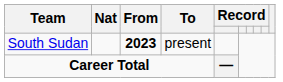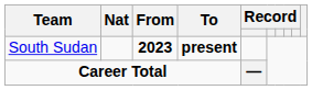 <table class="wikitable" style="text-align: center">
 <tr>
 <th rowspan="2">Team</th>
 <th rowspan="2">Nat</th>
 <th rowspan="2">From</th>
 <th rowspan="2">To</th>
 <th colspan="5">Record</th>
 <th rowspan=2></th>
 </tr>
 <tr>
 <th></th>
 <th></th>
 <th></th>
 <th></th>
 <th></th>
 </tr>
 <tr>
 <td align="left"><a href='#'>South Sudan</a></td>
 <td align="center"></td>
 <td align="center"><strong>2023</strong></td>
-<td align="center">present<br></td>
+<td align="center"><strong>present<br></strong></td>
 <td></td>
 </tr>
 <tr>
 <td colspan=4><strong>Career Total</strong><br></td>
 <th>—</th>
 </tr>
 </table>
